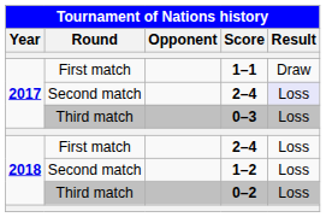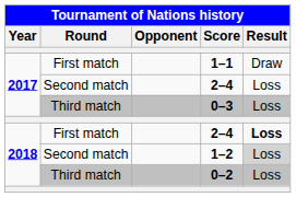 <table class="wikitable collapsible collapsed" style="text-align:center">
 <tr>
 <th colspan="5"style="background:blue;color:white">Tournament of Nations history</th>
 </tr>
 <tr>
 <th>Year</th>
 <th>Round</th>
 <th>Opponent</th>
 <th>Score</th>
 <th>Result</th>
 </tr>
 <tr>
 <th colspan="5"></th>
 </tr>
 <tr>
 <td rowspan="3"><strong><a href='#'>2017</a></strong></td>
 <td>First match</td>
 <td align=left></td>
 <td><strong>1–1</strong></td>
 <td>Draw</td>
 </tr>
 <tr>
 <td>Second match</td>
 <td align=left></td>
 <td><strong>2–4</strong></td>
-<td style="background: lavender;">Loss</td>
+<td>Loss</td>
 </tr>
 <tr style="background:silver">
 <td>Third match</td>
 <td align=left></td>
 <td><strong>0–3</strong></td>
 <td>Loss</td>
 </tr>
 <tr>
 <th colspan="5"></th>
 </tr>
 <tr>
 <td rowspan="3"><strong><a href='#'>2018</a></strong></td>
 <td>First match</td>
 <td align=left></td>
 <td><strong>2–4</strong></td>
-<td>Loss</td>
+<td><strong>Loss</strong></td>
 </tr>
 <tr>
 <td>Second match</td>
 <td align=left></td>
 <td><strong>1–2</strong></td>
-<td>Loss</td>
+<td style="background: lightgrey;">Loss</td>
 </tr>
 <tr style="background:silver">
 <td>Third match</td>
 <td align=left></td>
 <td><strong>0–2</strong></td>
 <td>Loss</td>
 </tr>
 <tr>
 <th colspan="5"></th>
 </tr>
 </table>
